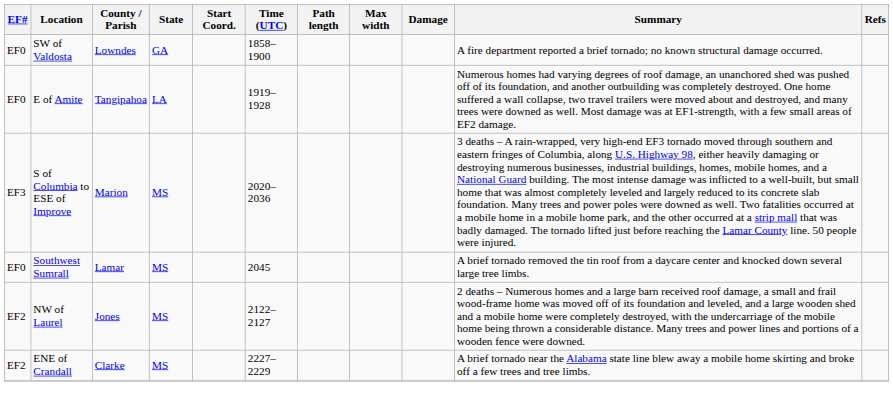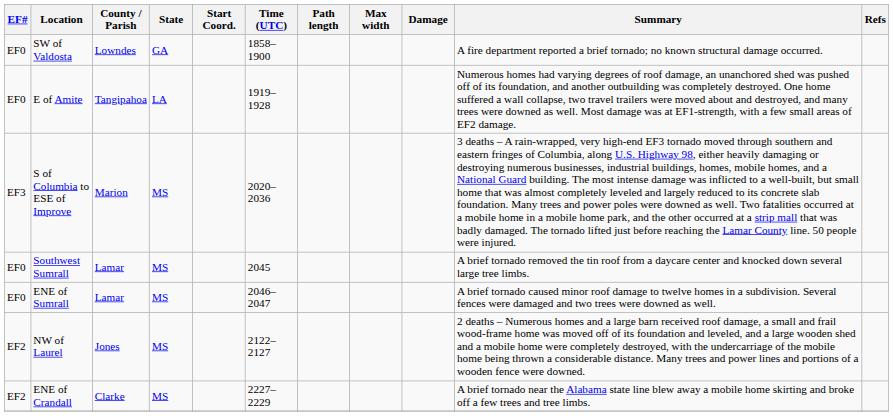 <table class="wikitable sortable" style="width:100%;">
 <tr>
 <th scope="col" width="3%" align="center"><a href='#'>EF#</a></th>
 <th scope="col" width="7%" align="center" class="unsortable">Location</th>
 <th scope="col" width="6%" align="center" class="unsortable">County / Parish</th>
 <th scope="col" width="5%" align="center">State</th>
 <th scope="col" width="6%" align="center">Start Coord.</th>
 <th scope="col" width="6%" align="center">Time (<a href='#'>UTC</a>)</th>
 <th scope="col" width="6%" align="center">Path length</th>
 <th scope="col" width="6%" align="center">Max width</th>
 <th scope="col" width="6%" align="center">Damage</th>
 <th scope="col" width="48%" class="unsortable" align="center">Summary</th>
 <th scope="col" width="48%" class="unsortable" align="center">Refs</th>
 </tr>
 <tr>
 <td>EF0</td>
 <td>SW of <a href='#'>Valdosta</a></td>
 <td><a href='#'>Lowndes</a></td>
 <td><a href='#'>GA</a></td>
 <td></td>
 <td>1858–1900</td>
 <td></td>
 <td></td>
 <td></td>
 <td>A fire department reported a brief tornado; no known structural damage occurred.</td>
 <td></td>
 </tr>
 <tr>
 <td>EF0</td>
 <td>E of <a href='#'>Amite</a></td>
 <td><a href='#'>Tangipahoa</a></td>
 <td><a href='#'>LA</a></td>
 <td></td>
 <td>1919–1928</td>
 <td></td>
 <td></td>
 <td></td>
 <td>Numerous homes had varying degrees of roof damage, an unanchored  shed was pushed off of its foundation, and another outbuilding was completely destroyed. One home suffered a wall collapse, two travel trailers were moved about  and destroyed, and many trees were downed as well. Most damage was at EF1-strength, with a few small areas of EF2 damage.</td>
 <td></td>
 </tr>
 <tr>
 <td>EF3</td>
 <td>S of <a href='#'>Columbia</a> to ESE of <a href='#'>Improve</a></td>
 <td><a href='#'>Marion</a></td>
 <td><a href='#'>MS</a></td>
 <td></td>
 <td>2020–2036</td>
 <td></td>
 <td></td>
 <td></td>
 <td>3 deaths – A rain-wrapped, very high-end EF3 tornado moved through southern and eastern fringes of Columbia, along <a href='#'>U.S. Highway 98</a>, either heavily damaging or destroying numerous businesses, industrial buildings, homes, mobile homes, and a <a href='#'>National Guard</a> building. The most intense damage was inflicted to a well-built, but small home that was almost completely leveled and largely reduced to its concrete slab foundation. Many trees and power poles were downed as well. Two fatalities occurred at a mobile home in a mobile home park, and the other occurred at a <a href='#'>strip mall</a> that was badly damaged. The tornado lifted just before reaching the <a href='#'>Lamar County</a> line. 50 people were injured.</td>
 <td></td>
 </tr>
 <tr>
 <td>EF0</td>
 <td><a href='#'>Southwest Sumrall</a></td>
 <td><a href='#'>Lamar</a></td>
 <td><a href='#'>MS</a></td>
 <td></td>
 <td>2045</td>
 <td></td>
 <td></td>
 <td></td>
 <td>A brief tornado removed the tin roof from a daycare center and knocked down several large tree limbs.</td>
 <td></td>
 </tr>
 <tr>
+<td>EF0</td>
+<td>ENE of <a href='#'>Sumrall</a></td>
+<td><a href='#'>Lamar</a></td>
+<td><a href='#'>MS</a></td>
+<td></td>
+<td>2046–2047</td>
+<td></td>
+<td></td>
+<td></td>
+<td>A brief tornado caused minor roof damage to twelve homes in a subdivision. Several fences were damaged and two trees were downed as well.</td>
+<td></td>
+</tr>
+<tr>
 <td>EF2</td>
 <td>NW of <a href='#'>Laurel</a></td>
 <td><a href='#'>Jones</a></td>
 <td><a href='#'>MS</a></td>
 <td></td>
 <td>2122–2127</td>
 <td></td>
 <td></td>
 <td></td>
 <td>2 deaths – Numerous homes and a large barn received roof damage, a small and frail wood-frame home was moved off of its foundation and leveled, and a large wooden shed and a mobile home were completely destroyed, with the undercarriage of the mobile home being thrown a considerable distance. Many trees and power lines and portions of a wooden fence were downed.</td>
 <td></td>
 </tr>
 <tr>
 <td>EF2</td>
 <td>ENE of <a href='#'>Crandall</a></td>
 <td><a href='#'>Clarke</a></td>
 <td><a href='#'>MS</a></td>
 <td></td>
 <td>2227–2229</td>
 <td></td>
 <td></td>
 <td></td>
 <td>A brief tornado near the <a href='#'>Alabama</a> state line blew away a mobile home skirting and broke off a few trees and tree limbs.</td>
 <td></td>
 </tr>
 <tr>
 </tr>
 </table>
